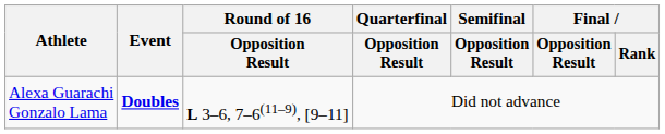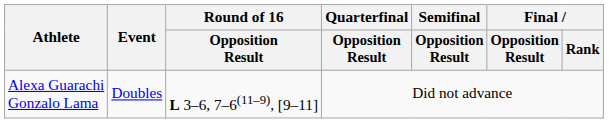 <table class=wikitable style=font-size:90%;text-align:center>
 <tr>
 <th rowspan=2>Athlete</th>
 <th rowspan=2>Event</th>
 <th>Round of 16</th>
 <th>Quarterfinal</th>
 <th>Semifinal</th>
 <th colspan=2>Final / </th>
 </tr>
 <tr style=font-size:95%>
 <th>Opposition<br>Result</th>
 <th>Opposition<br>Result</th>
 <th>Opposition<br>Result</th>
 <th>Opposition<br>Result</th>
 <th>Rank</th>
 </tr>
 <tr>
 <td style="text-align:left"><a href='#'>Alexa Guarachi</a><br><a href='#'>Gonzalo Lama</a></td>
-<td style="text-align:left"><strong><a href='#'>Doubles</a></strong></td>
+<td style="text-align:left"><a href='#'>Doubles</a></td>
 <td><br><strong>L</strong> 3–6, 7–6<sup>(11–9)</sup>, [9–11]</td>
 <td colspan=4>Did not advance</td>
 </tr>
 </table>
